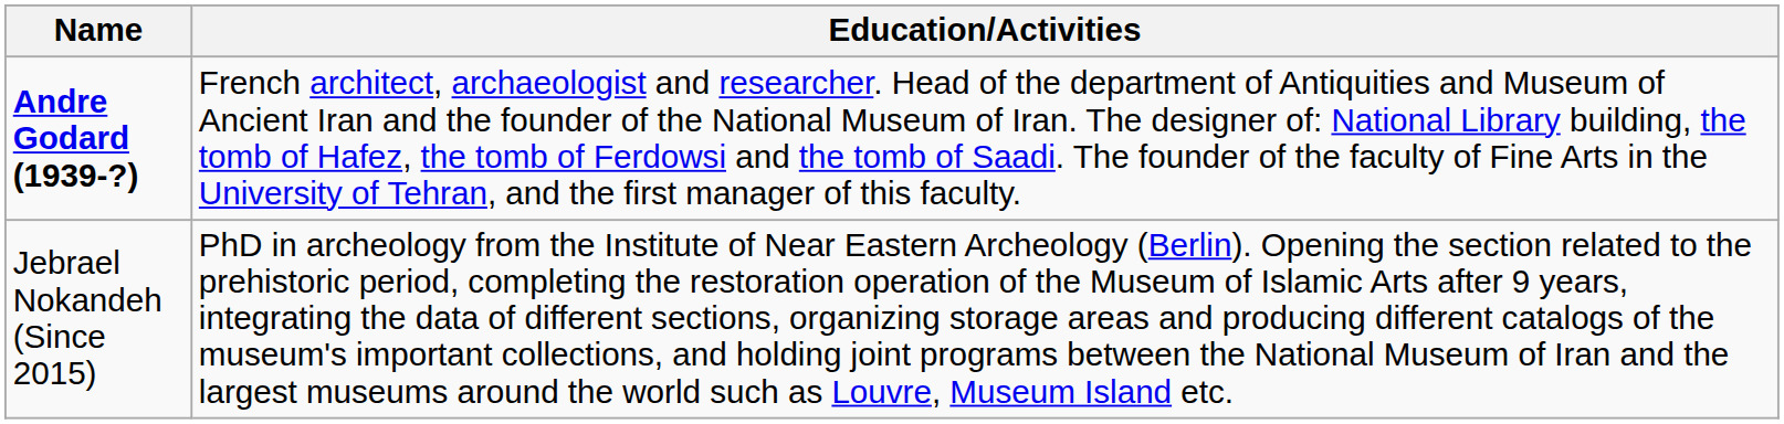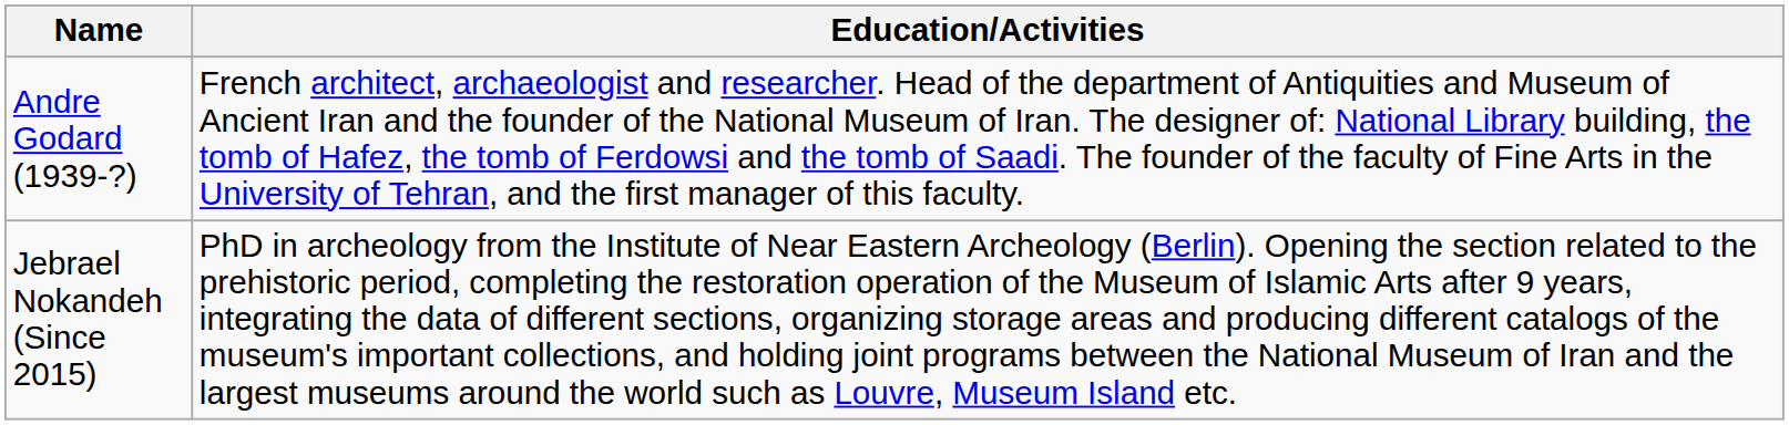 <table class="wikitable">
 <tr>
 <th>Name</th>
 <th>Education/Activities</th>
 </tr>
 <tr>
-<td><strong><a href='#'>Andre Godard</a><br>(1939-?)</strong></td>
+<td><a href='#'>Andre Godard</a><br>(1939-?)</td>
 <td>French <a href='#'>architect</a>, <a href='#'>archaeologist</a> and <a href='#'>researcher</a>. Head of the department of Antiquities and Museum of Ancient Iran and the founder of the National Museum of Iran. The designer of: <a href='#'>National Library</a> building, <a href='#'>the tomb of Hafez</a>, <a href='#'>the tomb of Ferdowsi</a> and <a href='#'>the tomb of Saadi</a>. The founder of the faculty of Fine Arts in the <a href='#'>University of Tehran</a>, and the first manager of this faculty.</td>
 </tr>
 <tr>
 <td>Jebrael Nokandeh<br>(Since 2015)</td>
 <td>PhD in archeology from the Institute of Near Eastern Archeology (<a href='#'>Berlin</a>). Opening the section related to the prehistoric period, completing the restoration operation of the Museum of Islamic Arts after 9 years, integrating the data of different sections, organizing storage areas and producing different catalogs of the museum's important collections, and holding joint programs between the National Museum of Iran and the largest museums around the world such as <a href='#'>Louvre</a>, <a href='#'>Museum Island</a> etc.</td>
 </tr>
 </table>
